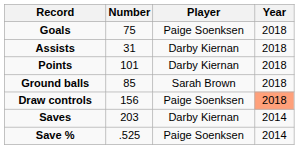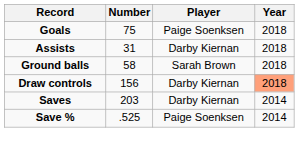 <table class="wikitable">
 <tr>
 <th style="width:140px; ">Record</th>
 <th style="width:35px; ">Number</th>
 <th style="width:140px; ">Player</th>
 <th style="width:50px; ">Year</th>
 </tr>
 <tr style="text-align:center;">
 <td><strong>Goals</strong></td>
 <td>75</td>
 <td>Paige Soenksen</td>
 <td>2018</td>
 </tr>
 <tr style="text-align:center;">
 <td><strong>Assists</strong></td>
 <td>31</td>
 <td>Darby Kiernan</td>
 <td>2018</td>
 </tr>
 <tr style="text-align:center;">
-<td><strong>Points</strong></td>
-<td>101</td>
-<td>Darby Kiernan</td>
-<td>2018</td>
-</tr>
-<tr style="text-align:center;">
 <td><strong>Ground balls</strong></td>
-<td>85</td>
+<td>58</td>
 <td>Sarah Brown</td>
 <td>2018</td>
 </tr>
 <tr style="text-align:center;">
 <td><strong>Draw controls</strong></td>
 <td>156</td>
-<td>Paige Soenksen</td>
+<td>Darby Kiernan</td>
 <td style="background: lightsalmon;">2018</td>
 </tr>
 <tr style="text-align:center;">
 <td><strong>Saves</strong></td>
 <td>203</td>
 <td>Darby Kiernan</td>
 <td>2014</td>
 </tr>
 <tr style="text-align:center;">
 <td><strong>Save %</strong></td>
 <td>.525</td>
 <td>Paige Soenksen</td>
 <td>2014</td>
 </tr>
 </table>
